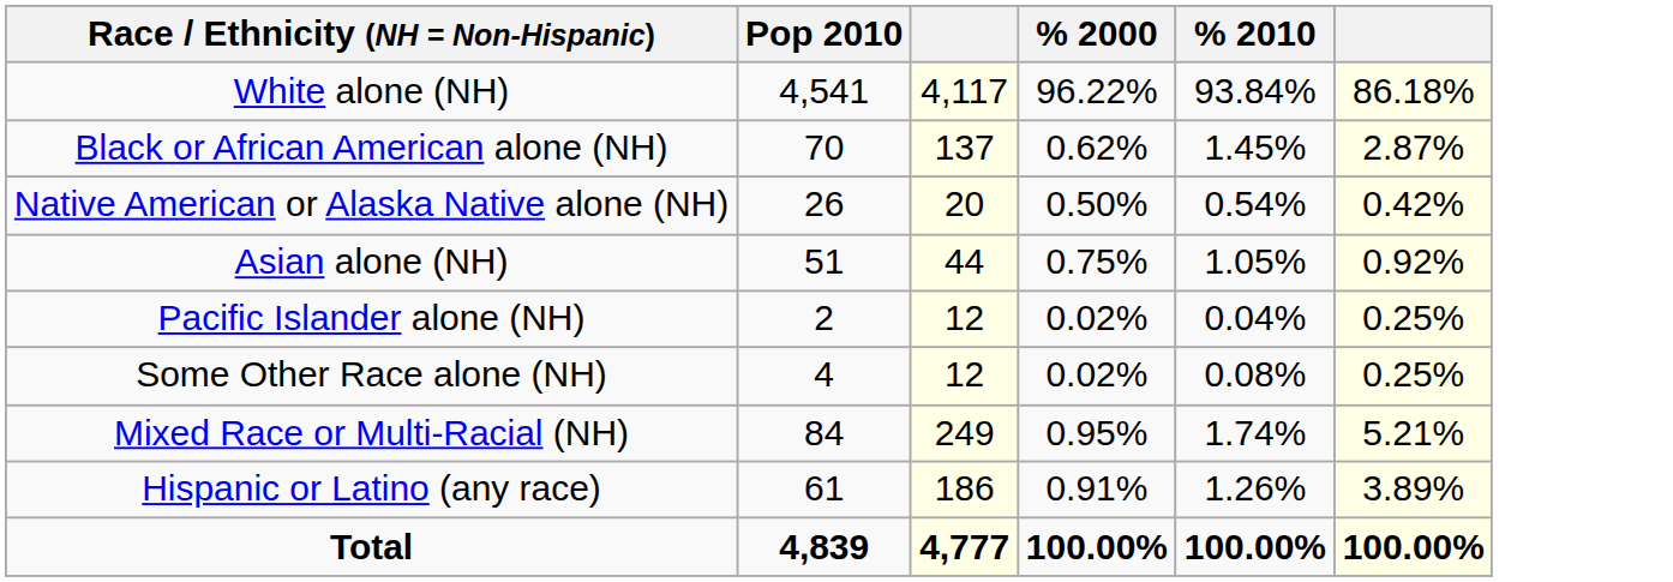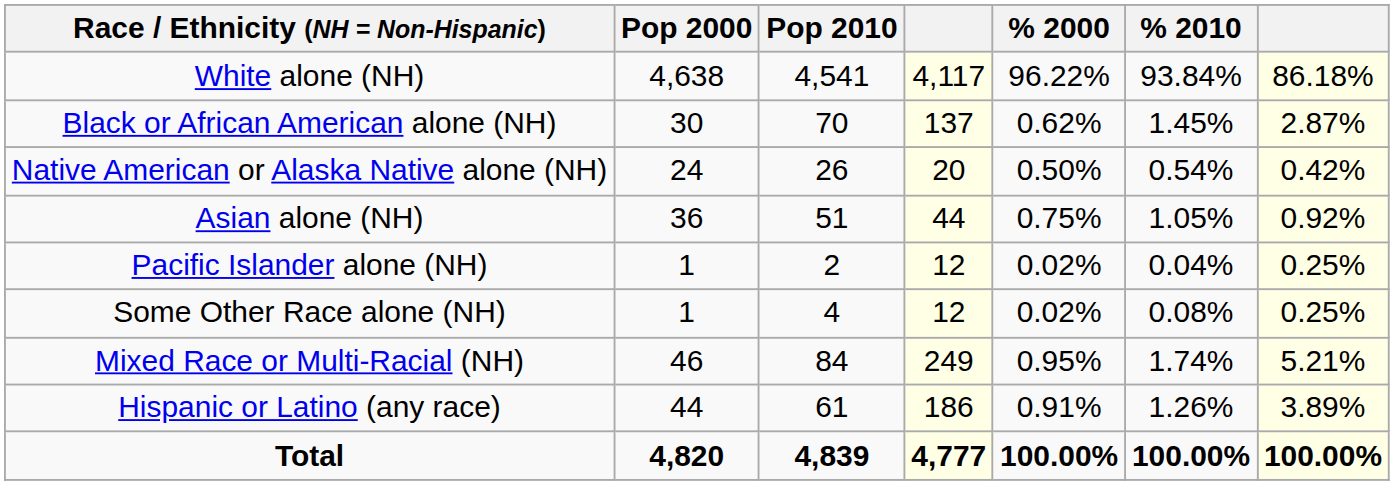 <table class="wikitable" style="text-align:center;">
 <tr>
 <th>Race / Ethnicity <small>(<em>NH = Non-Hispanic</em>)</small></th>
+<th>Pop 2000</th>
 <th>Pop 2010</th>
 <th></th>
 <th>% 2000</th>
 <th>% 2010</th>
 <th></th>
 </tr>
 <tr>
 <td><a href='#'>White</a> alone (NH)</td>
+<td>4,638</td>
 <td>4,541</td>
 <td style='background: #ffffe6;'>4,117</td>
 <td>96.22%</td>
 <td>93.84%</td>
 <td style='background: #ffffe6;'>86.18%</td>
 </tr>
 <tr>
 <td><a href='#'>Black or African American</a> alone (NH)</td>
+<td>30</td>
 <td>70</td>
 <td style='background: #ffffe6;'>137</td>
 <td>0.62%</td>
 <td>1.45%</td>
 <td style='background: #ffffe6;'>2.87%</td>
 </tr>
 <tr>
 <td><a href='#'>Native American</a> or <a href='#'>Alaska Native</a> alone (NH)</td>
+<td>24</td>
 <td>26</td>
 <td style='background: #ffffe6;'>20</td>
 <td>0.50%</td>
 <td>0.54%</td>
 <td style='background: #ffffe6;'>0.42%</td>
 </tr>
 <tr>
 <td><a href='#'>Asian</a> alone (NH)</td>
+<td>36</td>
 <td>51</td>
 <td style='background: #ffffe6;'>44</td>
 <td>0.75%</td>
 <td>1.05%</td>
 <td style='background: #ffffe6;'>0.92%</td>
 </tr>
 <tr>
 <td><a href='#'>Pacific Islander</a> alone (NH)</td>
+<td>1</td>
 <td>2</td>
 <td style='background: #ffffe6;'>12</td>
 <td>0.02%</td>
 <td>0.04%</td>
 <td style='background: #ffffe6;'>0.25%</td>
 </tr>
 <tr>
 <td>Some Other Race alone (NH)</td>
+<td>1</td>
 <td>4</td>
 <td style='background: #ffffe6;'>12</td>
 <td>0.02%</td>
 <td>0.08%</td>
 <td style='background: #ffffe6;'>0.25%</td>
 </tr>
 <tr>
 <td><a href='#'>Mixed Race or Multi-Racial</a> (NH)</td>
+<td>46</td>
 <td>84</td>
 <td style='background: #ffffe6;'>249</td>
 <td>0.95%</td>
 <td>1.74%</td>
 <td style='background: #ffffe6;'>5.21%</td>
 </tr>
 <tr>
 <td><a href='#'>Hispanic or Latino</a> (any race)</td>
+<td>44</td>
 <td>61</td>
 <td style='background: #ffffe6;'>186</td>
 <td>0.91%</td>
 <td>1.26%</td>
 <td style='background: #ffffe6;'>3.89%</td>
 </tr>
 <tr>
 <td><strong>Total</strong></td>
+<td><strong>4,820</strong></td>
 <td><strong>4,839</strong></td>
 <td style='background: #ffffe6;'><strong>4,777</strong></td>
 <td><strong>100.00%</strong></td>
 <td><strong>100.00%</strong></td>
 <td style='background: #ffffe6;'><strong>100.00%</strong></td>
 </tr>
 </table>
